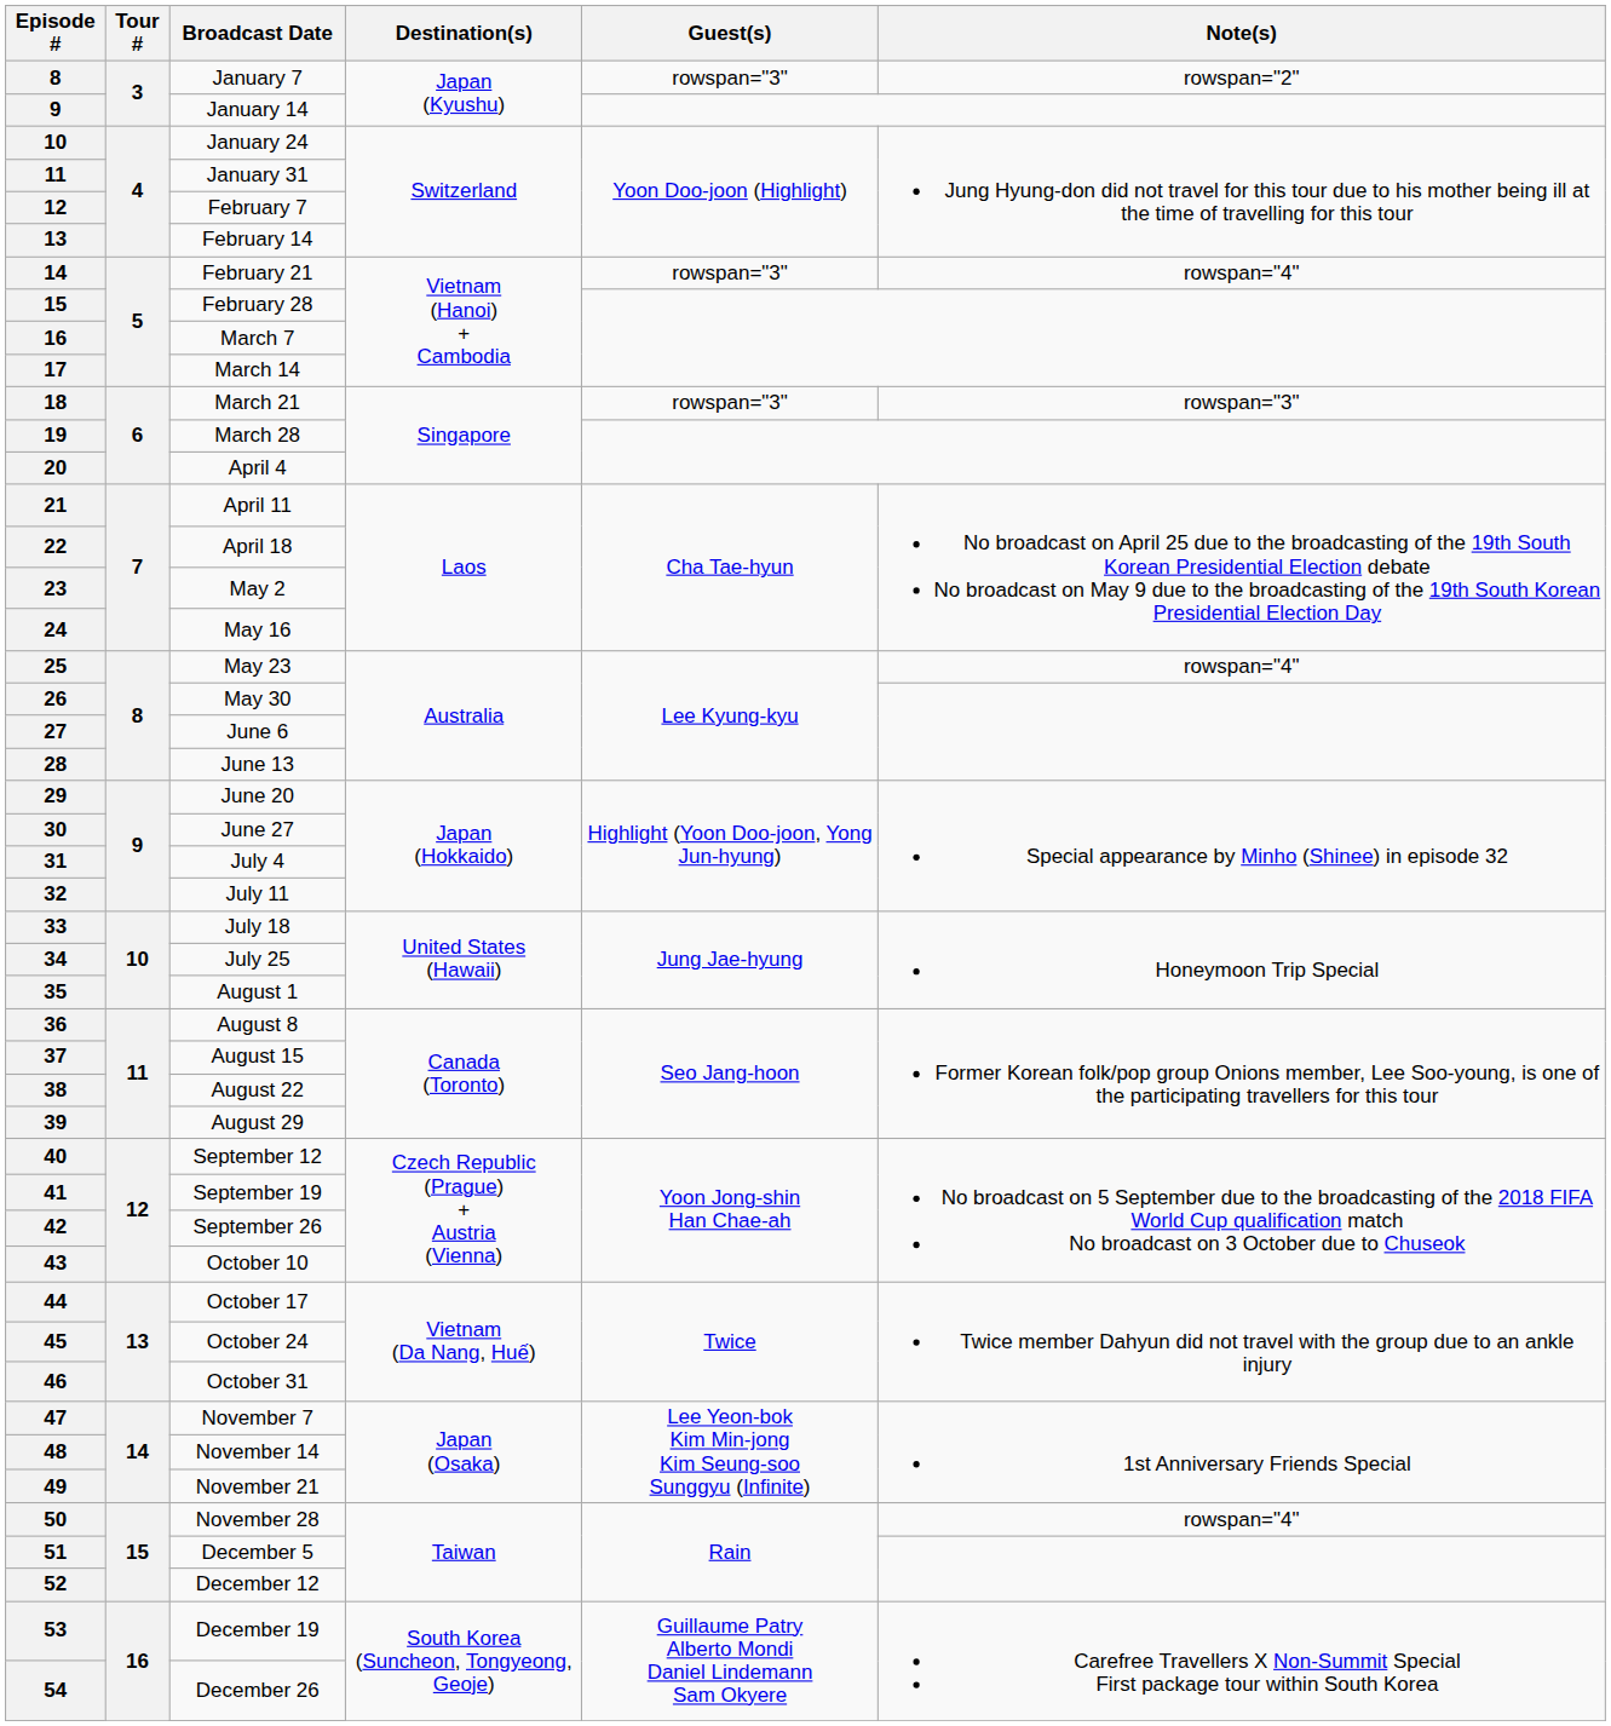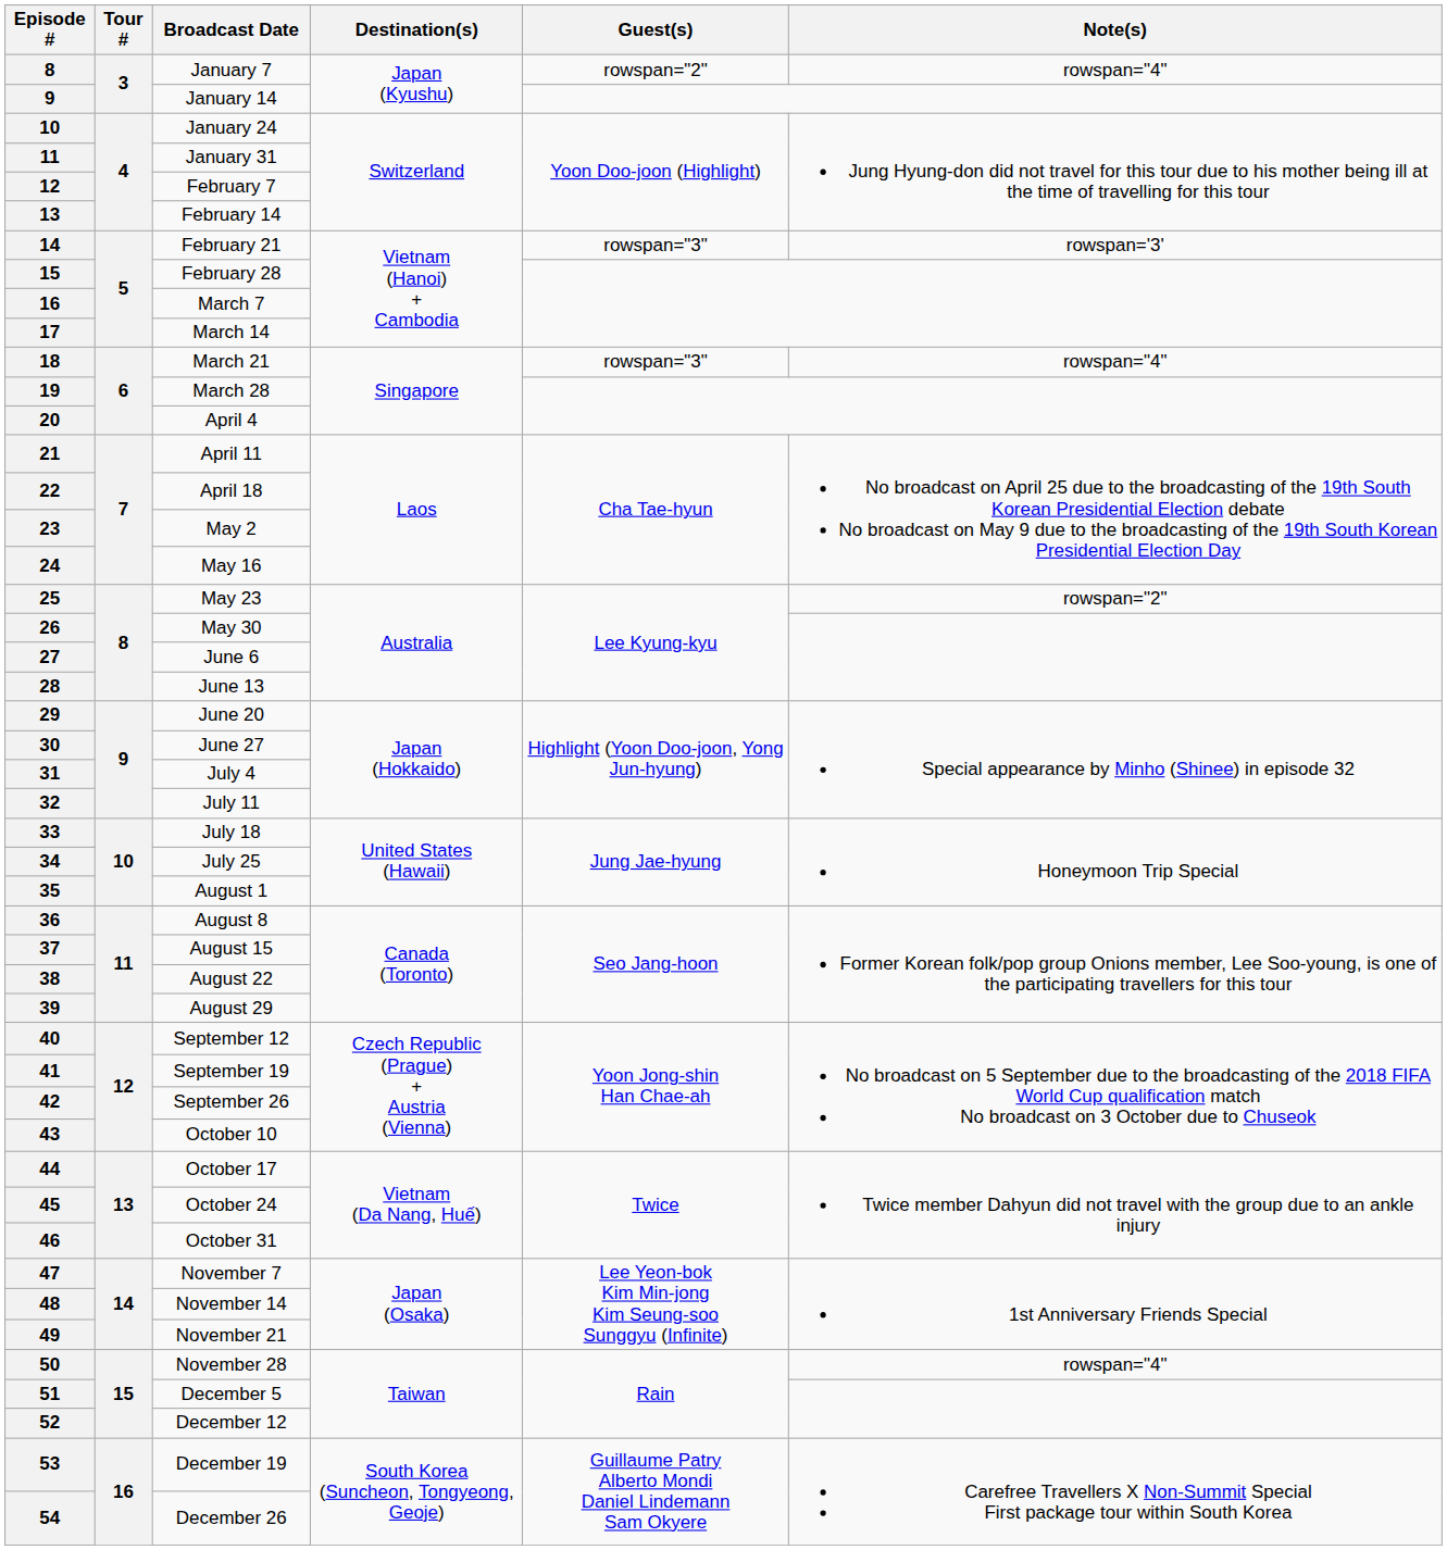 <table class="wikitable">
 <tr>
 <th>Episode #</th>
 <th>Tour #</th>
 <th width=130>Broadcast Date</th>
 <th>Destination(s)</th>
 <th>Guest(s)</th>
 <th>Note(s)</th>
 </tr>
 <tr style="text-align:center;">
 <th>8</th>
 <th rowspan="2">3</th>
 <td>January 7</td>
 <td rowspan="2"><a href='#'>Japan</a><br>(<a href='#'>Kyushu</a>)</td>
-<td>rowspan="3" </td>
 <td>rowspan="2" </td>
+<td>rowspan="4" </td>
 </tr>
 <tr style="text-align:center;">
 <th>9</th>
 <td>January 14</td>
 </tr>
 <tr style="text-align:center;">
 <th>10</th>
 <th rowspan="4">4</th>
 <td>January 24</td>
 <td rowspan="4"><a href='#'>Switzerland</a></td>
 <td rowspan="4"><a href='#'>Yoon Doo-joon</a> (<a href='#'>Highlight</a>)</td>
 <td rowspan="4"><br><ul><li>Jung Hyung-don did not travel for this tour due to his mother being ill at the time of travelling for this tour</li></ul></td>
 </tr>
 <tr style="text-align:center;">
 <th>11</th>
 <td>January 31</td>
 </tr>
 <tr style="text-align:center;">
 <th>12</th>
 <td>February 7</td>
 </tr>
 <tr style="text-align:center;">
 <th>13</th>
 <td>February 14</td>
 </tr>
 <tr style="text-align:center;">
 <th>14</th>
 <th rowspan="4">5</th>
 <td>February 21</td>
 <td rowspan="4"><a href='#'>Vietnam</a><br>(<a href='#'>Hanoi</a>)<br>+<br><a href='#'>Cambodia</a></td>
 <td>rowspan="3" </td>
-<td>rowspan="4" </td>
+<td>rowspan='3' </td>
 </tr>
 <tr style="text-align:center;">
 <th>15</th>
 <td>February 28</td>
 </tr>
 <tr style="text-align:center;">
 <th>16</th>
 <td>March 7</td>
 </tr>
 <tr style="text-align:center;">
 <th>17</th>
 <td>March 14</td>
 </tr>
 <tr style="text-align:center;">
 <th>18</th>
 <th rowspan="3">6</th>
 <td>March 21</td>
 <td rowspan="3"><a href='#'>Singapore</a></td>
 <td>rowspan="3" </td>
-<td>rowspan="3" </td>
+<td>rowspan="4" </td>
 </tr>
 <tr style="text-align:center;">
 <th>19</th>
 <td>March 28</td>
 </tr>
 <tr style="text-align:center;">
 <th>20</th>
 <td>April 4</td>
 </tr>
 <tr style="text-align:center;">
 <th>21</th>
 <th rowspan="4">7</th>
 <td>April 11</td>
 <td rowspan="4"><a href='#'>Laos</a></td>
 <td rowspan="4"><a href='#'>Cha Tae-hyun</a></td>
 <td rowspan="4"><br><ul><li>No broadcast on April 25 due to the broadcasting of the <a href='#'>19th South Korean Presidential Election</a> debate</li><li>No broadcast on May 9 due to the broadcasting of the <a href='#'>19th South Korean Presidential Election Day</a></li></ul></td>
 </tr>
 <tr style="text-align:center;">
 <th>22</th>
 <td>April 18</td>
 </tr>
 <tr style="text-align:center;">
 <th>23</th>
 <td>May 2</td>
 </tr>
 <tr style="text-align:center;">
 <th>24</th>
 <td>May 16</td>
 </tr>
 <tr style="text-align:center;">
 <th>25</th>
 <th rowspan="4">8</th>
 <td>May 23</td>
 <td rowspan="4"><a href='#'>Australia</a></td>
 <td rowspan="4"><a href='#'>Lee Kyung-kyu</a></td>
-<td>rowspan="4" </td>
+<td>rowspan="2" </td>
 </tr>
 <tr style="text-align:center;">
 <th>26</th>
 <td>May 30</td>
 </tr>
 <tr style="text-align:center;">
 <th>27</th>
 <td>June 6</td>
 </tr>
 <tr style="text-align:center;">
 <th>28</th>
 <td>June 13</td>
 </tr>
 <tr style="text-align:center;">
 <th>29</th>
 <th rowspan="4">9</th>
 <td>June 20</td>
 <td rowspan="4"><a href='#'>Japan</a><br>(<a href='#'>Hokkaido</a>)</td>
 <td rowspan="4"><a href='#'>Highlight</a> (<a href='#'>Yoon Doo-joon</a>, <a href='#'>Yong Jun-hyung</a>)</td>
 <td rowspan="4"><br><ul><li>Special appearance by <a href='#'>Minho</a> (<a href='#'>Shinee</a>) in episode 32</li></ul></td>
 </tr>
 <tr style="text-align:center;">
 <th>30</th>
 <td>June 27</td>
 </tr>
 <tr style="text-align:center;">
 <th>31</th>
 <td>July 4</td>
 </tr>
 <tr style="text-align:center;">
 <th>32</th>
 <td>July 11</td>
 </tr>
 <tr style="text-align:center;">
 <th>33</th>
 <th rowspan="3">10</th>
 <td>July 18</td>
 <td rowspan="3"><a href='#'>United States</a><br>(<a href='#'>Hawaii</a>)</td>
 <td rowspan="3"><a href='#'>Jung Jae-hyung</a></td>
 <td rowspan="3"><br><ul><li>Honeymoon Trip Special</li></ul></td>
 </tr>
 <tr style="text-align:center;">
 <th>34</th>
 <td>July 25</td>
 </tr>
 <tr style="text-align:center;">
 <th>35</th>
 <td>August 1</td>
 </tr>
 <tr style="text-align:center;">
 <th>36</th>
 <th rowspan="4">11</th>
 <td>August 8</td>
 <td rowspan="4"><a href='#'>Canada</a><br>(<a href='#'>Toronto</a>)</td>
 <td rowspan="4"><a href='#'>Seo Jang-hoon</a></td>
 <td rowspan="4"><br><ul><li>Former Korean folk/pop group Onions member, Lee Soo-young, is one of the participating travellers for this tour</li></ul></td>
 </tr>
 <tr style="text-align:center;">
 <th>37</th>
 <td>August 15</td>
 </tr>
 <tr style="text-align:center;">
 <th>38</th>
 <td>August 22</td>
 </tr>
 <tr style="text-align:center;">
 <th>39</th>
 <td>August 29</td>
 </tr>
 <tr style="text-align:center;">
 <th>40</th>
 <th rowspan="4">12</th>
 <td>September 12</td>
 <td rowspan="4"><a href='#'>Czech Republic</a><br>(<a href='#'>Prague</a>)<br>+<br><a href='#'>Austria</a><br>(<a href='#'>Vienna</a>)</td>
 <td rowspan="4"><a href='#'>Yoon Jong-shin</a><br><a href='#'>Han Chae-ah</a></td>
 <td rowspan='4'><br><ul><li>No broadcast on 5 September due to the broadcasting of the <a href='#'>2018 FIFA World Cup qualification</a> match</li><li>No broadcast on 3 October due to <a href='#'>Chuseok</a></li></ul></td>
 </tr>
 <tr style="text-align:center;">
 <th>41</th>
 <td>September 19</td>
 </tr>
 <tr style="text-align:center;">
 <th>42</th>
 <td>September 26</td>
 </tr>
 <tr style="text-align:center;">
 <th>43</th>
 <td>October 10</td>
 </tr>
 <tr style="text-align:center;">
 <th>44</th>
 <th rowspan="3">13</th>
 <td>October 17</td>
 <td rowspan="3"><a href='#'>Vietnam</a><br>(<a href='#'>Da Nang</a>, <a href='#'>Huế</a>)</td>
 <td rowspan="3"><a href='#'>Twice</a></td>
 <td rowspan='3'><br><ul><li>Twice member Dahyun did not travel with the group due to an ankle injury</li></ul></td>
 </tr>
 <tr style="text-align:center;">
 <th>45</th>
 <td>October 24</td>
 </tr>
 <tr style="text-align:center;">
 <th>46</th>
 <td>October 31</td>
 </tr>
 <tr style="text-align:center;">
 <th>47</th>
 <th rowspan="3">14</th>
 <td>November 7</td>
 <td rowspan="3"><a href='#'>Japan</a><br>(<a href='#'>Osaka</a>)</td>
 <td rowspan="3"><a href='#'>Lee Yeon-bok</a><br><a href='#'>Kim Min-jong</a><br><a href='#'>Kim Seung-soo</a><br><a href='#'>Sunggyu</a> (<a href='#'>Infinite</a>)</td>
 <td rowspan='3'><br><ul><li>1st Anniversary Friends Special</li></ul></td>
 </tr>
 <tr style="text-align:center;">
 <th>48</th>
 <td>November 14</td>
 </tr>
 <tr style="text-align:center;">
 <th>49</th>
 <td>November 21</td>
 </tr>
 <tr style="text-align:center;">
 <th>50</th>
 <th rowspan="3">15</th>
 <td>November 28</td>
 <td rowspan="3"><a href='#'>Taiwan</a></td>
 <td rowspan="3"><a href='#'>Rain</a></td>
 <td>rowspan="4" </td>
 </tr>
 <tr style="text-align:center;">
 <th>51</th>
 <td>December 5</td>
 </tr>
 <tr style="text-align:center;">
 <th>52</th>
 <td>December 12</td>
 </tr>
 <tr style="text-align:center;">
 <th>53</th>
 <th rowspan="3">16</th>
 <td>December 19</td>
 <td rowspan="3"><a href='#'>South Korea</a><br>(<a href='#'>Suncheon</a>, <a href='#'>Tongyeong</a>, <a href='#'>Geoje</a>)</td>
 <td rowspan="3"><a href='#'>Guillaume Patry</a><br><a href='#'>Alberto Mondi</a><br><a href='#'>Daniel Lindemann</a><br><a href='#'>Sam Okyere</a></td>
 <td rowspan='3'><br><ul><li>Carefree Travellers X <a href='#'>Non-Summit</a> Special</li><li>First package tour within South Korea</li></ul></td>
 </tr>
 <tr style="text-align:center;">
 <th>54</th>
 <td>December 26</td>
 </tr>
 <tr style="text-align:center;">
 </tr>
 </table>
